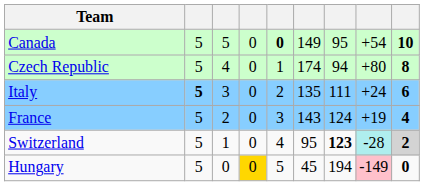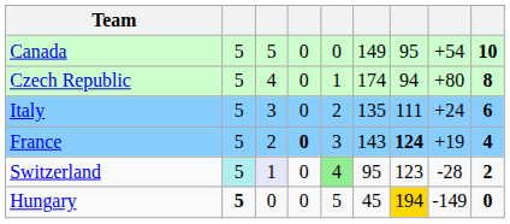 <table class="wikitable" style="text-align:center;">
 <tr>
 <th width="175">Team</th>
 <th width="20"></th>
 <th width="20"></th>
 <th width="20"></th>
 <th width="20"></th>
 <th width="20"></th>
 <th width="20"></th>
 <th width="20"></th>
 <th width="20"></th>
 </tr>
 <tr bgcolor="#ccffcc">
 <td align=left> <a href='#'>Canada</a></td>
 <td>5</td>
 <td>5</td>
 <td>0</td>
-<td><strong>0</strong></td>
+<td>0</td>
 <td>149</td>
 <td>95</td>
 <td>+54</td>
 <td><strong>10</strong></td>
 </tr>
 <tr bgcolor="#ccffcc">
 <td align=left> <a href='#'>Czech Republic</a></td>
 <td>5</td>
 <td>4</td>
 <td>0</td>
 <td>1</td>
 <td>174</td>
 <td>94</td>
 <td>+80</td>
 <td><strong>8</strong></td>
 </tr>
 <tr bgcolor=#87ceff>
 <td align=left> <a href='#'>Italy</a></td>
-<td><strong>5</strong></td>
+<td>5</td>
 <td>3</td>
 <td>0</td>
 <td>2</td>
 <td>135</td>
 <td>111</td>
 <td>+24</td>
 <td><strong>6</strong></td>
 </tr>
 <tr bgcolor=#87ceff>
 <td align=left> <a href='#'>France</a></td>
 <td>5</td>
 <td>2</td>
-<td>0</td>
+<td><strong>0</strong></td>
 <td>3</td>
 <td>143</td>
-<td>124</td>
+<td><strong>124</strong></td>
 <td>+19</td>
 <td><strong>4</strong></td>
 </tr>
 <tr>
 <td align=left> <a href='#'>Switzerland</a></td>
-<td>5</td>
-<td>1</td>
+<td style="background: paleturquoise;">5</td>
+<td style="background: lavender;">1</td>
 <td>0</td>
-<td>4</td>
+<td style="background: lightgreen;">4</td>
 <td>95</td>
-<td><strong>123</strong></td>
-<td style="background: paleturquoise;">-28</td>
-<td style="background: lightgrey;"><strong>2</strong></td>
+<td>123</td>
+<td>-28</td>
+<td><strong>2</strong></td>
 </tr>
 <tr>
 <td align=left> <a href='#'>Hungary</a></td>
-<td>5</td>
+<td><strong>5</strong></td>
 <td>0</td>
-<td style="background: gold;">0</td>
+<td>0</td>
 <td>5</td>
 <td>45</td>
-<td>194</td>
-<td style="background: pink;">-149</td>
+<td style="background: gold;">194</td>
+<td>-149</td>
 <td><strong>0</strong></td>
 </tr>
 </table>
